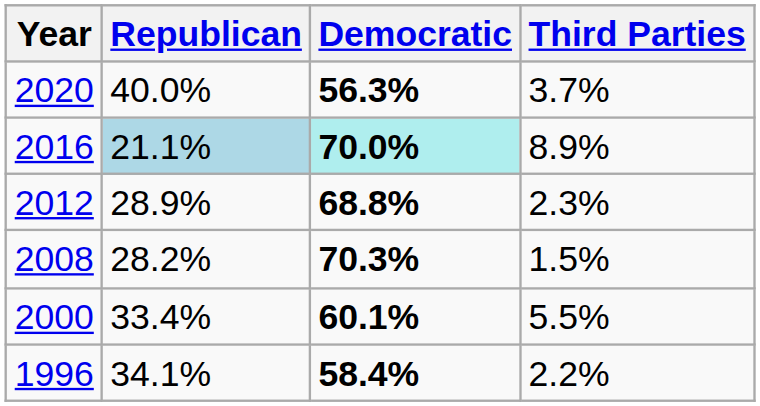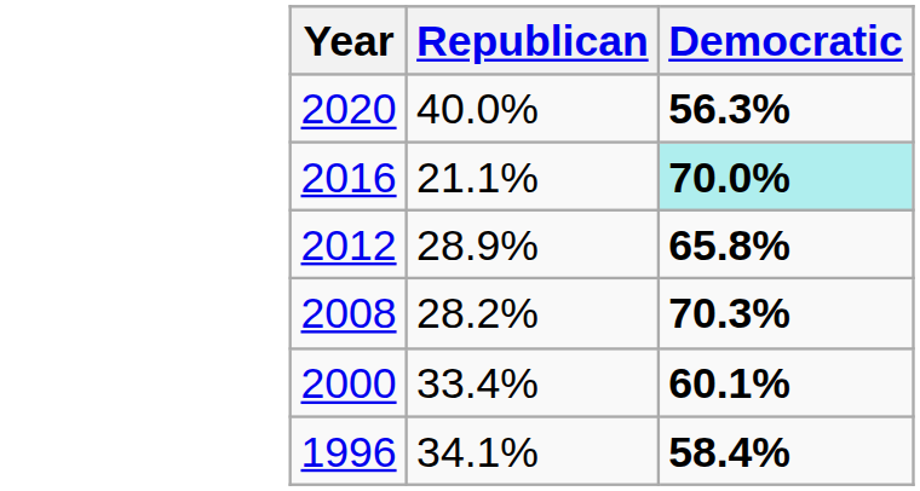 <table class="wikitable" style="float:right; font-size:95%;">
 <tr bgcolor=lightgrey>
 <th>Year</th>
 <th><a href='#'>Republican</a></th>
 <th><a href='#'>Democratic</a></th>
-<th><a href='#'>Third Parties</a></th>
 </tr>
 <tr>
 <td style="text-align:center; "><a href='#'>2020</a></td>
 <td>40.0%</td>
 <td><strong>56.3%</strong></td>
-<td>3.7%</td>
 </tr>
 <tr>
 <td><a href='#'>2016</a></td>
-<td style="background: lightblue;">21.1%</td>
+<td>21.1%</td>
 <td style="background: paleturquoise;"><strong>70.0%</strong></td>
-<td>8.9%</td>
 </tr>
 <tr>
 <td><a href='#'>2012</a></td>
 <td>28.9%</td>
-<td><strong>68.8%</strong></td>
-<td>2.3%</td>
+<td><strong>65.8%</strong></td>
 </tr>
 <tr>
 <td><a href='#'>2008</a></td>
 <td>28.2%</td>
 <td><strong>70.3%</strong></td>
-<td>1.5%</td>
 </tr>
 <tr>
 <td><a href='#'>2000</a></td>
 <td>33.4%</td>
 <td><strong>60.1%</strong></td>
-<td>5.5%</td>
 </tr>
 <tr>
 <td><a href='#'>1996</a></td>
 <td>34.1%</td>
 <td><strong>58.4%</strong></td>
-<td>2.2%</td>
 </tr>
 </table>
